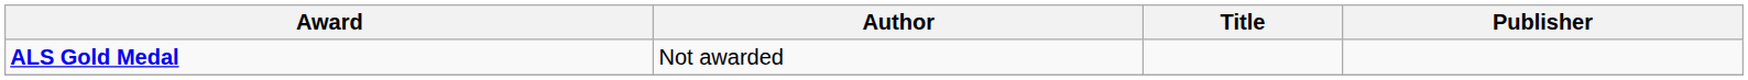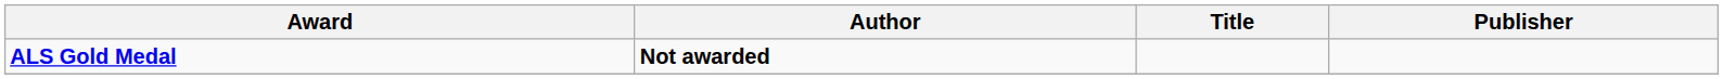 <table class="wikitable" width=100%>
 <tr>
 <th>Award</th>
 <th>Author</th>
 <th>Title</th>
 <th>Publisher</th>
 </tr>
 <tr>
 <td><strong><a href='#'>ALS Gold Medal</a></strong></td>
-<td>Not awarded</td>
+<td><strong>Not awarded</strong></td>
 <td></td>
 <td></td>
 </tr>
 <tr>
 </tr>
 </table>
